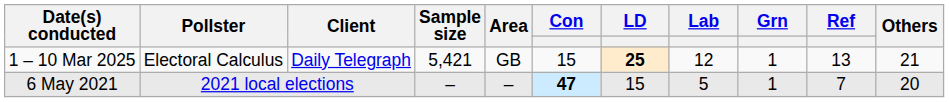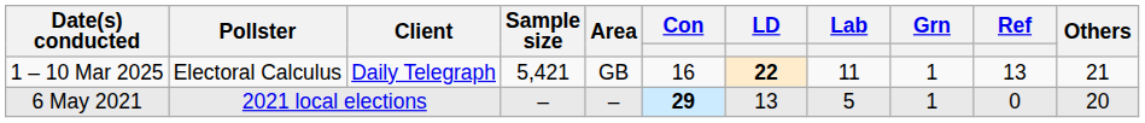 <table class="wikitable sortable mw-datatable" style="text-align:center; font-size:90%; line-height:14px;">
 <tr>
 <th rowspan="2">Date(s)<br>conducted</th>
 <th rowspan="2">Pollster</th>
 <th rowspan="2">Client</th>
 <th rowspan="2" data-sort-type="number">Sample<br>size</th>
 <th rowspan="2">Area</th>
 <th class="unsortable" style="width:50px;"><a href='#'>Con</a></th>
 <th class="unsortable" style="width:50px;"><a href='#'>LD</a></th>
 <th class="unsortable" style="width:50px;"><a href='#'>Lab</a></th>
 <th class="unsortable" style="width:50px;"><a href='#'>Grn</a></th>
 <th class="unsortable" style="width:50px;"><a href='#'>Ref</a></th>
 <th rowspan="2" class="unsortable" style="width:50px;">Others</th>
 </tr>
 <tr>
 <th data-sort-type="number" style="background:"></th>
 <th data-sort-type="number" style="background:"></th>
 <th data-sort-type="number" style="background:"></th>
 <th data-sort-type="number" style="background:"></th>
 <th data-sort-type="number" style="background:"></th>
 </tr>
 <tr>
 <td data-sort-value="2025-03-10">1 – 10 Mar 2025</td>
 <td>Electoral Calculus</td>
 <td><a href='#'>Daily Telegraph</a></td>
 <td>5,421</td>
 <td>GB</td>
-<td>15</td>
-<td style="background:#FEECCD;"><strong>25</strong></td>
-<td>12</td>
+<td>16</td>
+<td style="background:#FEECCD;"><strong>22</strong></td>
+<td>11</td>
 <td>1</td>
 <td>13</td>
 <td>21</td>
 </tr>
 <tr>
 <td style="background:#e9e9e9;">6 May 2021</td>
 <td colspan="2" style="background:#e9e9e9;"><a href='#'>2021 local elections</a></td>
 <td style="background:#e9e9e9;">–</td>
 <td style="background:#e9e9e9;">–</td>
-<td style="background:#CCEBFF;"><strong>47</strong></td>
-<td style="background:#e9e9e9;">15</td>
+<td style="background:#CCEBFF;"><strong>29</strong></td>
+<td style="background:#e9e9e9;">13</td>
 <td style="background:#e9e9e9;">5</td>
 <td style="background:#e9e9e9;">1</td>
-<td style="background:#e9e9e9;">7</td>
+<td style="background:#e9e9e9;">0</td>
 <td style="background:#e9e9e9;">20</td>
 </tr>
 </table>
